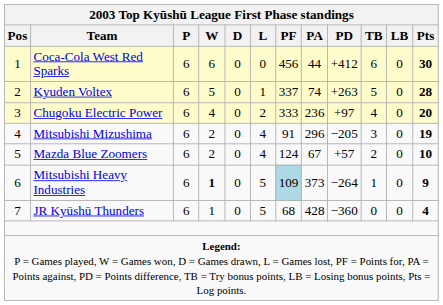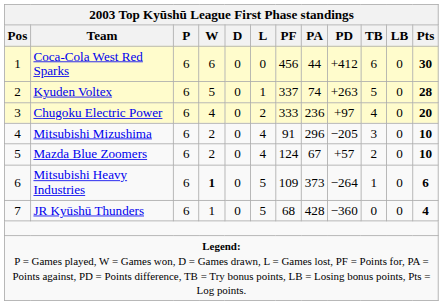 <table class="wikitable" style="text-align:center; font-size:100%; width:60%;">
 <tr>
 <th colspan="100%" cellpadding="0" cellspacing="0"><strong>2003 Top Kyūshū League First Phase standings</strong></th>
 </tr>
 <tr>
 <th style="width:6%;">Pos</th>
 <th style="width:34%;">Team</th>
 <th style="width:6%;">P</th>
 <th style="width:6%;">W</th>
 <th style="width:6%;">D</th>
 <th style="width:6%;">L</th>
 <th style="width:6%;">PF</th>
 <th style="width:6%;">PA</th>
 <th style="width:6%;">PD</th>
 <th style="width:6%;">TB</th>
 <th style="width:6%;">LB</th>
 <th style="width:6%;">Pts<br></th>
 </tr>
 <tr style="background:#FFFCCC;">
 <td>1</td>
 <td style="text-align:left;"><a href='#'>Coca-Cola West Red Sparks</a></td>
 <td>6</td>
 <td>6</td>
 <td>0</td>
 <td>0</td>
 <td>456</td>
 <td>44</td>
 <td>+412</td>
 <td>6</td>
 <td>0</td>
 <td><strong>30</strong></td>
 </tr>
 <tr style="background:#FFFCCC;">
 <td>2</td>
 <td style="text-align:left;"><a href='#'>Kyuden Voltex</a></td>
 <td>6</td>
 <td>5</td>
 <td>0</td>
 <td>1</td>
 <td>337</td>
 <td>74</td>
 <td>+263</td>
 <td>5</td>
 <td>0</td>
 <td><strong>28</strong></td>
 </tr>
 <tr style="background:#FFFCCC;">
 <td>3</td>
 <td style="text-align:left;"><a href='#'>Chugoku Electric Power</a></td>
 <td>6</td>
 <td>4</td>
 <td>0</td>
 <td>2</td>
 <td>333</td>
 <td>236</td>
 <td>+97</td>
 <td>4</td>
 <td>0</td>
 <td><strong>20</strong></td>
 </tr>
 <tr>
 <td>4</td>
 <td style="text-align:left;"><a href='#'>Mitsubishi Mizushima</a></td>
 <td>6</td>
 <td>2</td>
 <td>0</td>
 <td>4</td>
 <td>91</td>
 <td>296</td>
 <td>−205</td>
 <td>3</td>
 <td>0</td>
-<td><strong>19</strong></td>
+<td><strong>10</strong></td>
 </tr>
 <tr>
 <td>5</td>
 <td style="text-align:left;"><a href='#'>Mazda Blue Zoomers</a></td>
 <td>6</td>
 <td>2</td>
 <td>0</td>
 <td>4</td>
 <td>124</td>
 <td>67</td>
 <td>+57</td>
 <td>2</td>
 <td>0</td>
 <td><strong>10</strong></td>
 </tr>
 <tr>
 <td>6</td>
 <td style="text-align:left;"><a href='#'>Mitsubishi Heavy Industries</a></td>
 <td>6</td>
 <td><strong>1</strong></td>
 <td>0</td>
 <td>5</td>
-<td style="background: lightblue;">109</td>
+<td>109</td>
 <td>373</td>
 <td>−264</td>
 <td>1</td>
 <td>0</td>
-<td><strong>9</strong></td>
+<td><strong>6</strong></td>
 </tr>
 <tr>
 <td>7</td>
 <td style="text-align:left;"><a href='#'>JR Kyūshū Thunders</a></td>
 <td>6</td>
 <td>1</td>
 <td>0</td>
 <td>5</td>
 <td>68</td>
 <td>428</td>
 <td>−360</td>
 <td>0</td>
 <td>0</td>
 <td><strong>4</strong></td>
 </tr>
 <tr>
 <td colspan="100%" style="height:10px;"></td>
 </tr>
 <tr>
 <td colspan="100%"><small><strong>Legend:</strong> <br> P = Games played, W = Games won, D = Games drawn, L = Games lost, PF = Points for, PA = Points against, PD = Points difference, TB = Try bonus points, LB = Losing bonus points, Pts = Log points.</small></td>
 </tr>
 </table>
